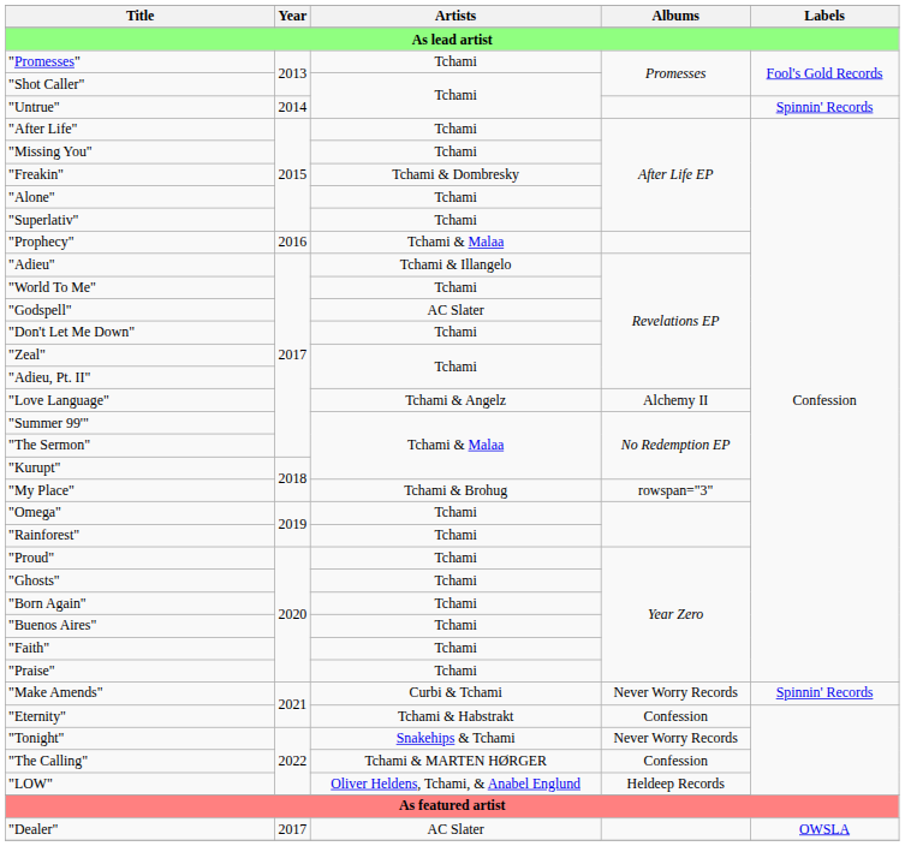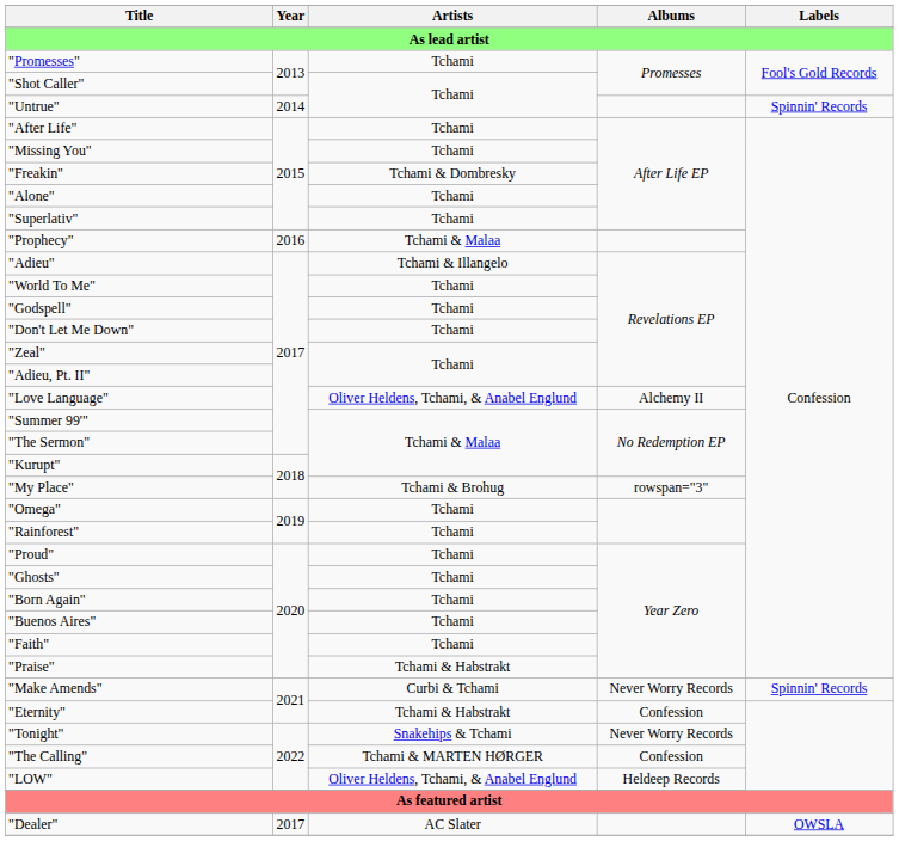 <table class="wikitable sortable plainrowheaders" style="text-align:center;">
 <tr>
 </tr>
 <tr align="center" bgcolor="#f5f5f5">
 <th scope="col" style="width:18.5em;">Title</th>
 <th>Year</th>
 <th scope="col" style="width:20em;">Artists</th>
 <th scope="col" style="width:10em;">Albums</th>
 <th scope="col" style="width:10em;">Labels</th>
 </tr>
 <tr>
 </tr>
 <tr align="center" bgcolor="#f5f5f5">
 </tr>
 <tr>
 </tr>
 <tr align="center" bgcolor="#90ff80">
 <td colspan="14"><strong>As lead artist</strong></td>
 </tr>
 <tr>
 <td style="text-align:left;">"<a href='#'>Promesses</a>"</td>
 <td rowspan="2">2013</td>
 <td>Tchami </td>
 <td rowspan="2"><em>Promesses</em></td>
 <td rowspan="2"><a href='#'>Fool's Gold Records</a></td>
 </tr>
 <tr>
 <td style="text-align:left;">"Shot Caller"</td>
 <td rowspan="2">Tchami</td>
 </tr>
 <tr>
 <td style="text-align:left;">"Untrue"</td>
 <td>2014</td>
 <td></td>
 <td><a href='#'>Spinnin' Records</a></td>
 </tr>
 <tr>
 <td style="text-align:left;">"After Life"</td>
 <td rowspan="5">2015</td>
 <td>Tchami </td>
 <td rowspan="5"><em>After Life EP</em></td>
 <td rowspan="25">Confession</td>
 </tr>
 <tr>
 <td style="text-align:left;">"Missing You"</td>
 <td>Tchami </td>
 </tr>
 <tr>
 <td style="text-align:left;">"Freakin"</td>
 <td>Tchami & Dombresky</td>
 </tr>
 <tr>
 <td style="text-align:left;">"Alone"</td>
 <td>Tchami</td>
 </tr>
 <tr>
 <td style="text-align:left;">"Superlativ"</td>
 <td>Tchami</td>
 </tr>
 <tr>
 <td style="text-align:left;">"Prophecy"</td>
 <td>2016</td>
 <td>Tchami & <a href='#'>Malaa</a></td>
 <td></td>
 </tr>
 <tr>
 <td style="text-align:left;">"Adieu"</td>
 <td rowspan="9">2017</td>
 <td>Tchami & Illangelo </td>
 <td rowspan="6"><em>Revelations EP</em></td>
 </tr>
 <tr>
 <td style="text-align:left;">"World To Me"</td>
 <td>Tchami </td>
 </tr>
 <tr>
 <td style="text-align:left;">"Godspell"</td>
-<td>AC Slater </td>
+<td>Tchami </td>
 </tr>
 <tr>
 <td style="text-align:left;">"Don't Let Me Down"</td>
 <td>Tchami </td>
 </tr>
 <tr>
 <td style="text-align:left;">"Zeal"</td>
 <td rowspan="2">Tchami</td>
 </tr>
 <tr>
 <td style="text-align:left;">"Adieu, Pt. II"</td>
 </tr>
 <tr>
 <td style="text-align:left;">"Love Language"</td>
-<td>Tchami & Angelz</td>
+<td><a href='#'>Oliver Heldens</a>, Tchami, & <a href='#'>Anabel Englund</a></td>
 <td>Alchemy II</td>
 </tr>
 <tr>
 <td style="text-align:left;">"Summer 99'"</td>
 <td rowspan="3">Tchami & <a href='#'>Malaa</a></td>
 <td rowspan="3"><em>No Redemption EP</em></td>
 </tr>
 <tr>
 <td style="text-align:left;">"The Sermon"</td>
 </tr>
 <tr>
 <td style="text-align:left;">"Kurupt"</td>
 <td rowspan="2">2018</td>
 </tr>
 <tr>
 <td style="text-align:left;">"My Place"</td>
 <td>Tchami & Brohug </td>
 <td>rowspan="3" </td>
 </tr>
 <tr>
 <td style="text-align:left;">"Omega"</td>
 <td rowspan="2">2019</td>
 <td>Tchami </td>
 </tr>
 <tr>
 <td style="text-align:left;">"Rainforest"</td>
 <td>Tchami</td>
 </tr>
 <tr>
 <td style="text-align:left;">"Proud"</td>
 <td rowspan="6">2020</td>
 <td>Tchami </td>
 <td rowspan="6"><em>Year Zero</em></td>
 </tr>
 <tr>
 <td style="text-align:left;">"Ghosts"</td>
 <td>Tchami </td>
 </tr>
 <tr>
 <td style="text-align:left;">"Born Again"</td>
 <td>Tchami</td>
 </tr>
 <tr>
 <td style="text-align:left;">"Buenos Aires"</td>
 <td>Tchami</td>
 </tr>
 <tr>
 <td style="text-align:left;">"Faith"</td>
 <td>Tchami </td>
 </tr>
 <tr>
 <td style="text-align:left;">"Praise"</td>
-<td>Tchami </td>
+<td>Tchami & Habstrakt </td>
 </tr>
 <tr>
 <td style="text-align:left;">"Make Amends"</td>
 <td rowspan="2">2021</td>
 <td>Curbi & Tchami </td>
 <td>Never Worry Records</td>
 <td><a href='#'>Spinnin' Records</a></td>
 </tr>
 <tr>
 <td style="text-align:left;">"Eternity"</td>
 <td>Tchami & Habstrakt </td>
 <td>Confession</td>
 </tr>
 <tr>
 <td style="text-align:left;">"Tonight"</td>
 <td rowspan="3">2022</td>
 <td><a href='#'>Snakehips</a> & Tchami</td>
 <td>Never Worry Records</td>
 </tr>
 <tr>
 <td style="text-align:left;">"The Calling"</td>
 <td>Tchami & MARTEN HØRGER</td>
 <td>Confession</td>
 </tr>
 <tr>
 <td style="text-align:left;">"LOW"</td>
 <td><a href='#'>Oliver Heldens</a>, Tchami, & <a href='#'>Anabel Englund</a></td>
 <td>Heldeep Records</td>
 </tr>
 <tr>
 </tr>
 <tr align="center" bgcolor="#ff8080">
 <td colspan="14"><strong>As featured artist</strong></td>
 </tr>
 <tr>
 <td style="text-align:left;">"Dealer"</td>
 <td>2017</td>
 <td>AC Slater </td>
 <td></td>
 <td><a href='#'>OWSLA</a></td>
 </tr>
 <tr>
 </tr>
 </table>
